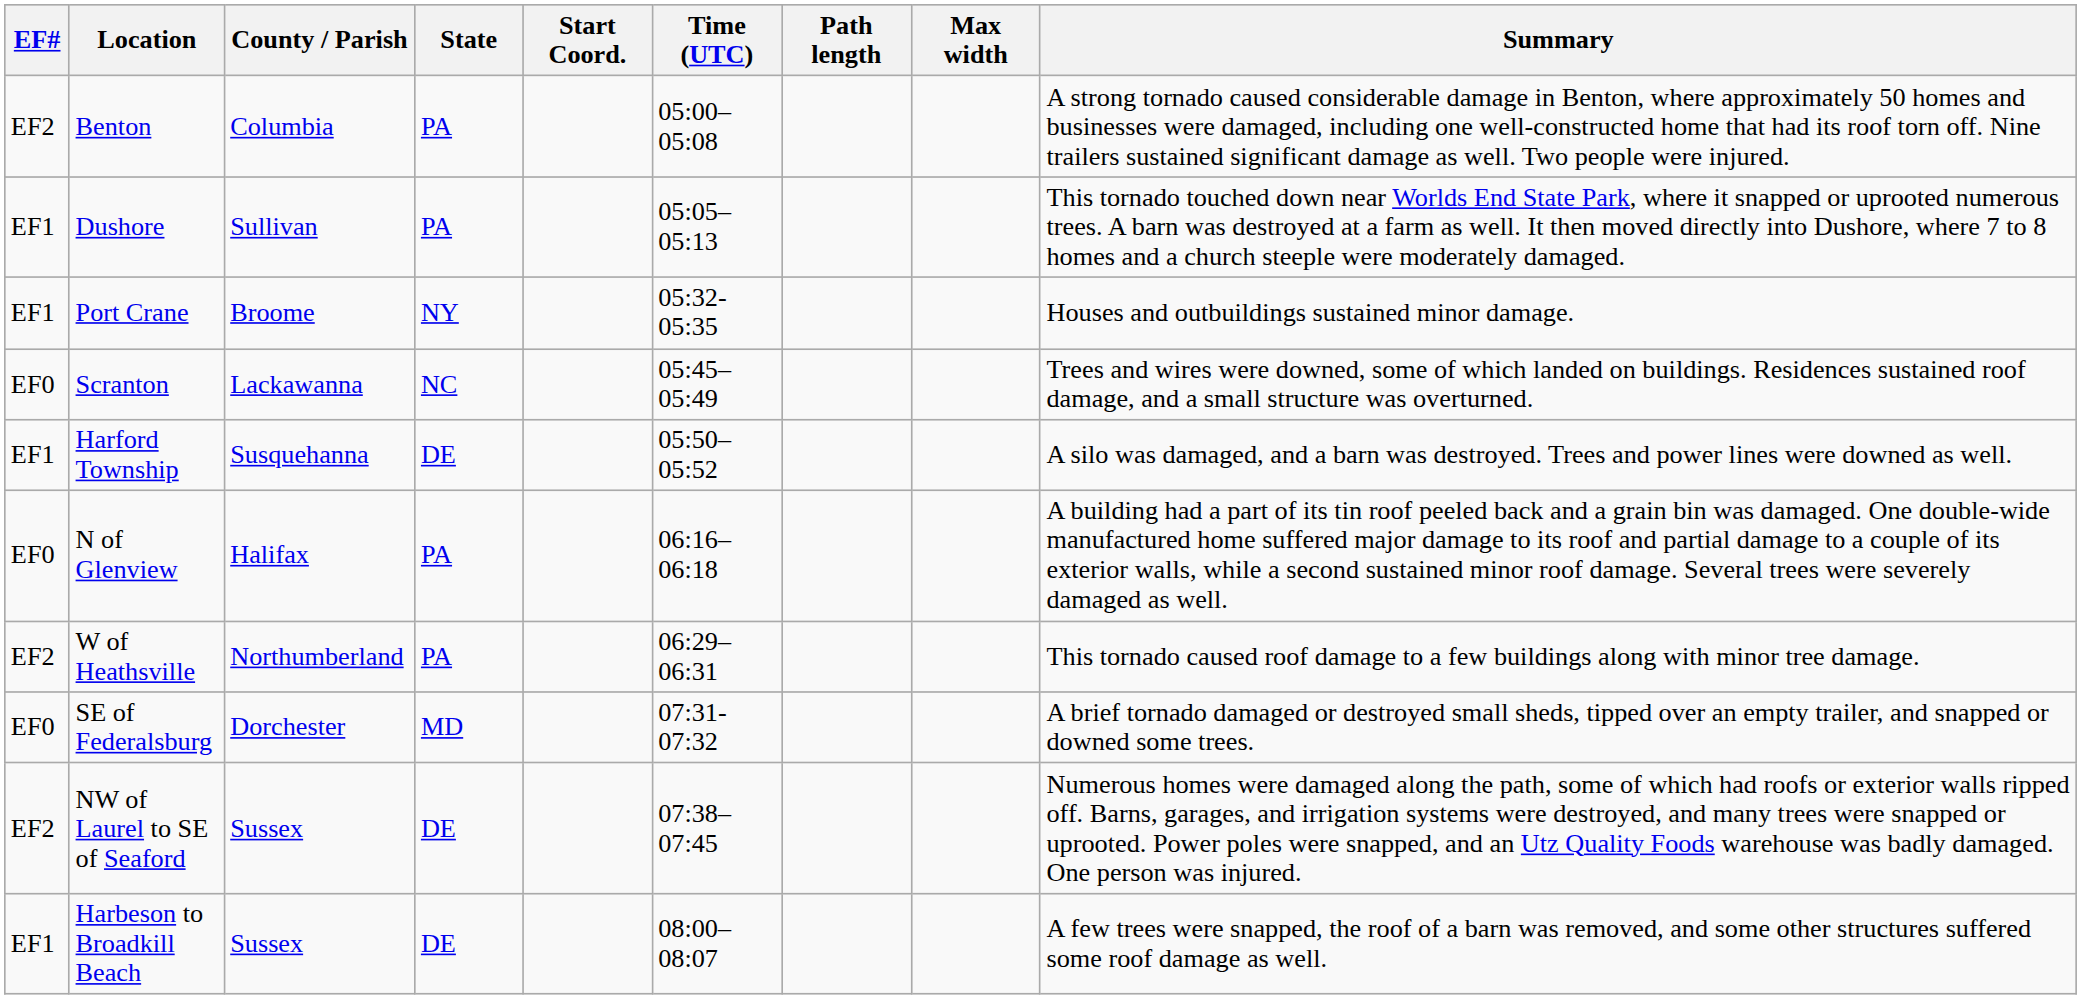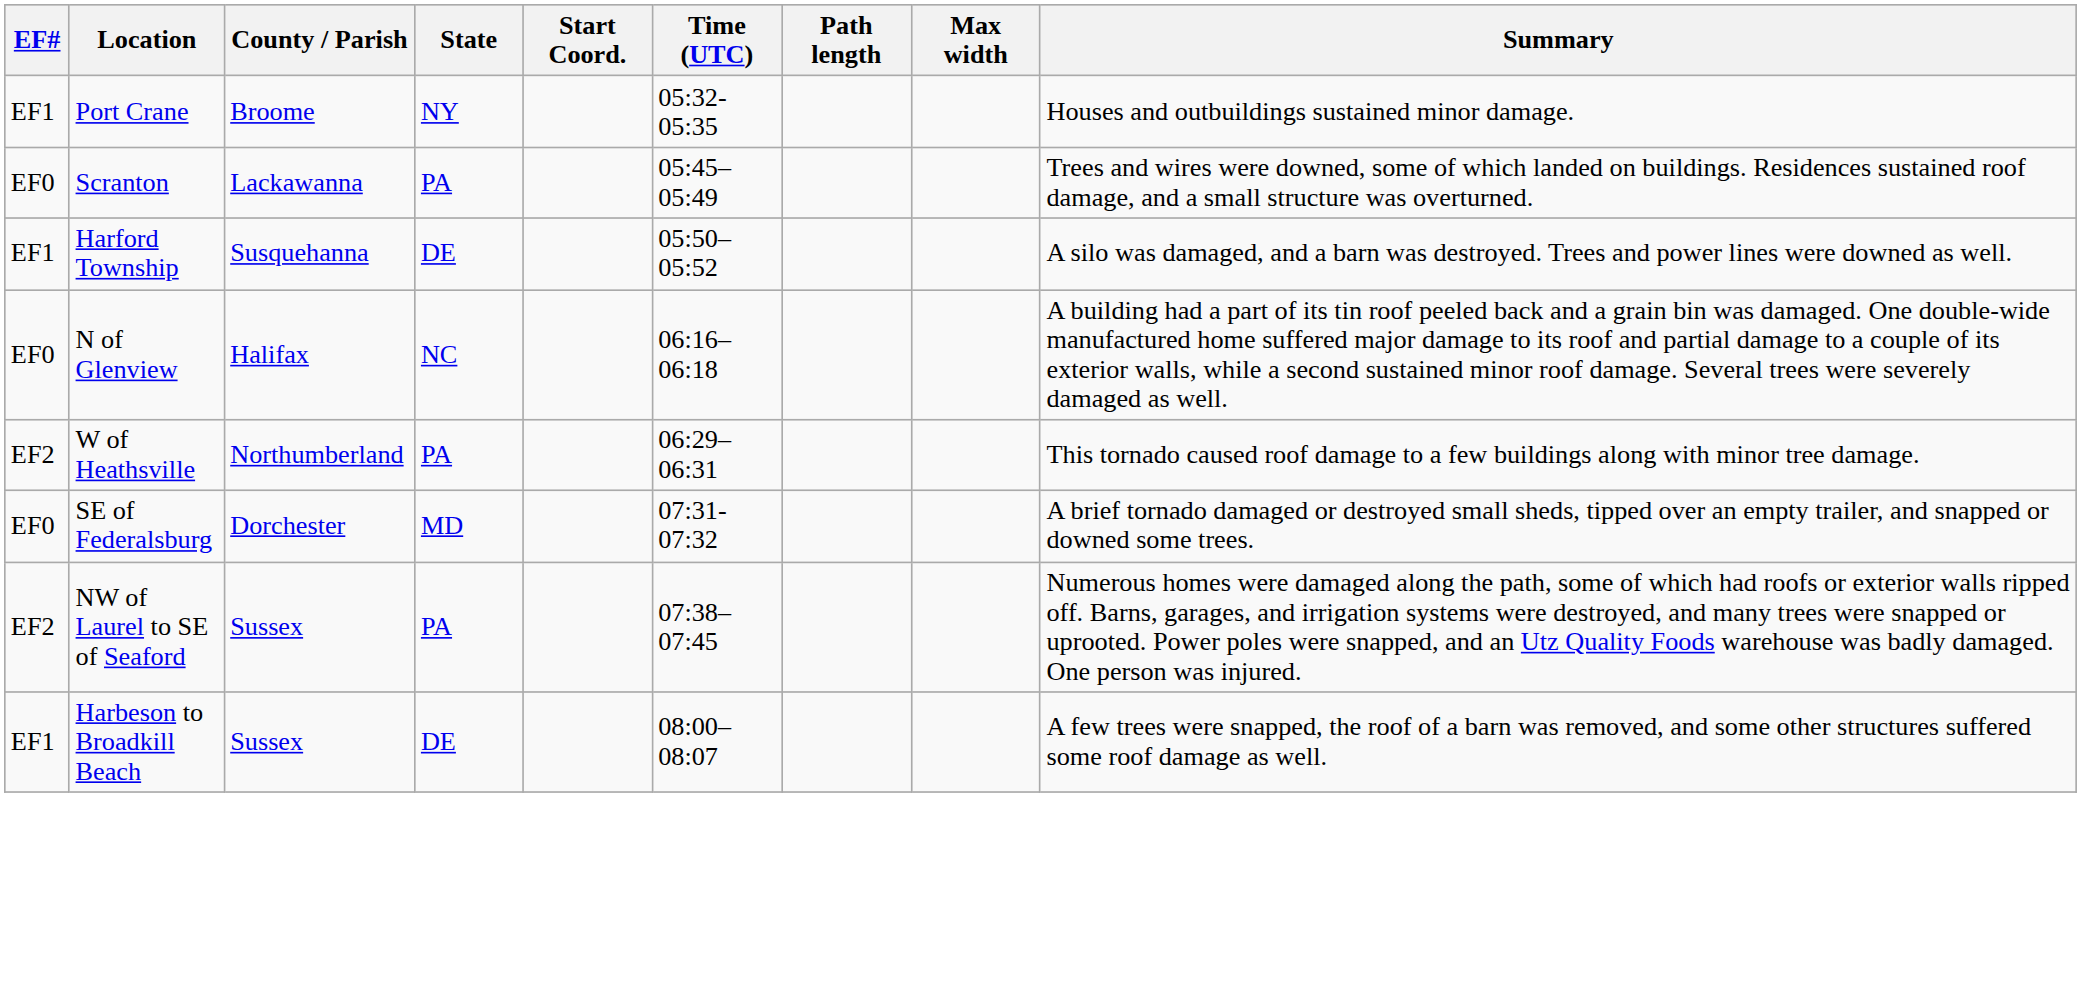 <table class="wikitable sortable" style="width:100%;">
 <tr>
 <th scope="col"  style="width:3%; text-align:center;"><a href='#'>EF#</a></th>
 <th scope="col"  style="width:7%; text-align:center;" class="unsortable">Location</th>
 <th scope="col"  style="width:6%; text-align:center;" class="unsortable">County / Parish</th>
 <th scope="col"  style="width:5%; text-align:center;">State</th>
 <th scope="col"  style="width:6%; text-align:center;">Start Coord.</th>
 <th scope="col"  style="width:6%; text-align:center;">Time (<a href='#'>UTC</a>)</th>
 <th scope="col"  style="width:6%; text-align:center;">Path length</th>
 <th scope="col"  style="width:6%; text-align:center;">Max width</th>
 <th scope="col" class="unsortable" style="width:48%; text-align:center;">Summary</th>
-</tr>
-<tr>
-<td>EF2</td>
-<td><a href='#'>Benton</a></td>
-<td><a href='#'>Columbia</a></td>
-<td><a href='#'>PA</a></td>
-<td></td>
-<td>05:00–05:08</td>
-<td></td>
-<td></td>
-<td>A strong tornado caused considerable damage in Benton, where approximately 50 homes and businesses were damaged, including one well-constructed home that had its roof torn off. Nine trailers sustained significant damage as well. Two people were injured.</td>
-</tr>
-<tr>
-<td>EF1</td>
-<td><a href='#'>Dushore</a></td>
-<td><a href='#'>Sullivan</a></td>
-<td><a href='#'>PA</a></td>
-<td></td>
-<td>05:05–05:13</td>
-<td></td>
-<td></td>
-<td>This tornado touched down near <a href='#'>Worlds End State Park</a>, where it snapped or uprooted numerous trees. A barn was destroyed at a farm as well. It then moved directly into Dushore, where 7 to 8 homes and a church steeple were moderately damaged.</td>
 </tr>
 <tr>
 <td>EF1</td>
 <td><a href='#'>Port Crane</a></td>
 <td><a href='#'>Broome</a></td>
 <td><a href='#'>NY</a></td>
 <td></td>
 <td>05:32-05:35</td>
 <td></td>
 <td></td>
 <td>Houses and outbuildings sustained minor damage.</td>
 </tr>
 <tr>
 <td>EF0</td>
 <td><a href='#'>Scranton</a></td>
 <td><a href='#'>Lackawanna</a></td>
-<td><a href='#'>NC</a></td>
+<td><a href='#'>PA</a></td>
 <td></td>
 <td>05:45–05:49</td>
 <td></td>
 <td></td>
 <td>Trees and wires were downed, some of which landed on buildings. Residences sustained roof damage, and a small structure was overturned.</td>
 </tr>
 <tr>
 <td>EF1</td>
 <td><a href='#'>Harford Township</a></td>
 <td><a href='#'>Susquehanna</a></td>
 <td><a href='#'>DE</a></td>
 <td></td>
 <td>05:50–05:52</td>
 <td></td>
 <td></td>
 <td>A silo was damaged, and a barn was destroyed. Trees and power lines were downed as well.</td>
 </tr>
 <tr>
 <td>EF0</td>
 <td>N of <a href='#'>Glenview</a></td>
 <td><a href='#'>Halifax</a></td>
-<td><a href='#'>PA</a></td>
+<td><a href='#'>NC</a></td>
 <td></td>
 <td>06:16–06:18</td>
 <td></td>
 <td></td>
 <td>A building had a part of its tin roof peeled back and a grain bin was damaged. One double-wide manufactured home suffered major damage to its roof and partial damage to a couple of its exterior walls, while a second sustained minor roof damage. Several trees were severely damaged as well.</td>
 </tr>
 <tr>
 <td>EF2</td>
 <td>W of <a href='#'>Heathsville</a></td>
 <td><a href='#'>Northumberland</a></td>
 <td><a href='#'>PA</a></td>
 <td></td>
 <td>06:29–06:31</td>
 <td></td>
 <td></td>
 <td>This tornado caused roof damage to a few buildings along with minor tree damage.</td>
 </tr>
 <tr>
 <td>EF0</td>
 <td>SE of <a href='#'>Federalsburg</a></td>
 <td><a href='#'>Dorchester</a></td>
 <td><a href='#'>MD</a></td>
 <td></td>
 <td>07:31-07:32</td>
 <td></td>
 <td></td>
 <td>A brief tornado damaged or destroyed small sheds, tipped over an empty trailer, and snapped or downed some trees.</td>
 </tr>
 <tr>
 <td>EF2</td>
 <td>NW of <a href='#'>Laurel</a> to SE of <a href='#'>Seaford</a></td>
 <td><a href='#'>Sussex</a></td>
-<td><a href='#'>DE</a></td>
+<td><a href='#'>PA</a></td>
 <td></td>
 <td>07:38–07:45</td>
 <td></td>
 <td></td>
 <td>Numerous homes were damaged along the path, some of which had roofs or exterior walls ripped off. Barns, garages, and irrigation systems were destroyed, and many trees were snapped or uprooted. Power poles were snapped, and an <a href='#'>Utz Quality Foods</a> warehouse was badly damaged. One person was injured.</td>
 </tr>
 <tr>
 <td>EF1</td>
 <td><a href='#'>Harbeson</a> to <a href='#'>Broadkill Beach</a></td>
 <td><a href='#'>Sussex</a></td>
 <td><a href='#'>DE</a></td>
 <td></td>
 <td>08:00–08:07</td>
 <td></td>
 <td></td>
 <td>A few trees were snapped, the roof of a barn was removed, and some other structures suffered some roof damage as well.</td>
 </tr>
 </table>
